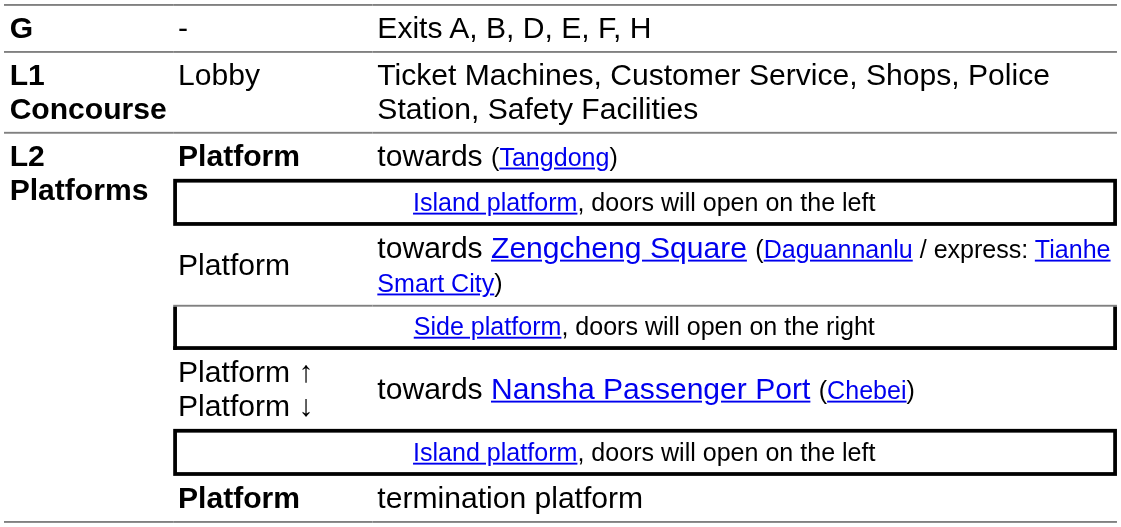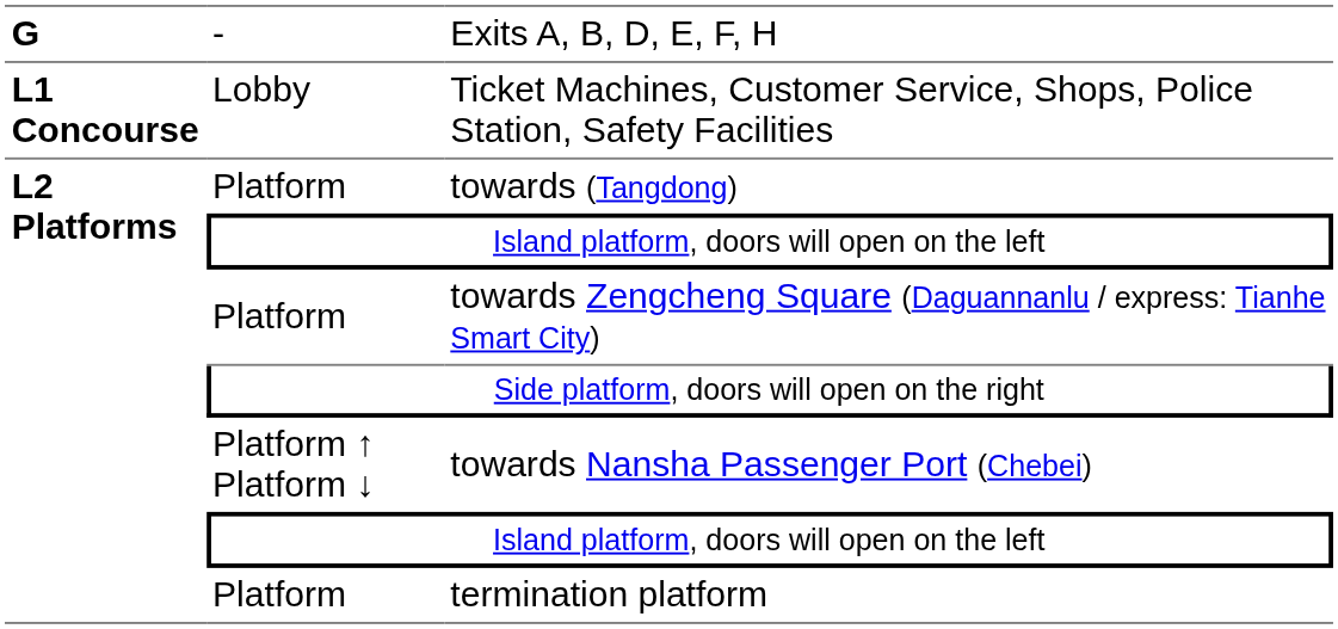 <table table border=0 cellspacing=0 cellpadding=3>
 <tr>
 <td style="border-top:solid 1px gray;" width=50 valign=top><strong>G</strong></td>
 <td style="border-top:solid 1px gray;" width=100 valign=top>-</td>
 <td style="border-top:solid 1px gray;" width=390 valign=top>Exits A, B, D, E, F, H</td>
 </tr>
 <tr>
 <td style="border-bottom:solid 1px gray; border-top:solid 1px gray;" valign=top><strong>L1<br>Concourse</strong></td>
 <td style="border-bottom:solid 1px gray; border-top:solid 1px gray;" valign=top>Lobby</td>
 <td style="border-bottom:solid 1px gray; border-top:solid 1px gray;" valign=top>Ticket Machines, Customer Service, Shops, Police Station, Safety Facilities</td>
 </tr>
 <tr>
 <td style="border-bottom:solid 1px gray;" rowspan=8 valign=top><strong>L2<br>Platforms</strong></td>
-<td><strong>Platform </strong></td>
+<td>Platform </td>
 <td>  towards  <small>(<a href='#'>Tangdong</a>)</small></td>
 </tr>
 <tr>
 <td style="border-top:solid 2px black;border-right:solid 2px black;border-left:solid 2px black;border-bottom:solid 2px black;font-size:smaller;text-align:center;" colspan=2><a href='#'>Island platform</a>, doors will open on the left</td>
 </tr>
 <tr>
 <td style="border-bottom:solid 1px gray;">Platform </td>
 <td style="border-bottom:solid 1px gray;"><span></span>  towards <a href='#'>Zengcheng Square</a> <small>(<a href='#'>Daguannanlu</a> / express: <a href='#'>Tianhe Smart City</a>)</small> </td>
 </tr>
 <tr>
 <td style="border-right:solid 2px black;border-left:solid 2px black;border-bottom:solid 2px black;font-size:smaller;text-align:center;" colspan=2><a href='#'>Side platform</a>, doors will open on the right</td>
 </tr>
 <tr>
 <td>Platform  ↑<br>Platform  ↓</td>
 <td>  towards <a href='#'>Nansha Passenger Port</a> <small>(<a href='#'>Chebei</a>)</small></td>
 </tr>
 <tr>
 <td style="border-top:solid 2px black;border-right:solid 2px black;border-left:solid 2px black;border-bottom:solid 2px black;font-size:smaller;text-align:center;" colspan=2><a href='#'>Island platform</a>, doors will open on the left</td>
 </tr>
 <tr>
-<td style="border-bottom:solid 1px gray;"><strong>Platform </strong></td>
+<td style="border-bottom:solid 1px gray;">Platform </td>
 <td style="border-bottom:solid 1px gray;"> termination platform </td>
 </tr>
 </table>
